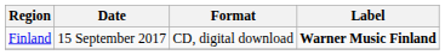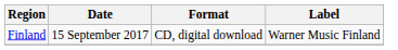 <table class=wikitable>
 <tr>
 <th>Region</th>
 <th>Date</th>
 <th>Format</th>
 <th>Label</th>
 </tr>
 <tr>
 <td><a href='#'>Finland</a></td>
 <td>15 September 2017</td>
 <td>CD, digital download</td>
-<td><strong>Warner Music Finland</strong></td>
+<td>Warner Music Finland</td>
 </tr>
 <tr>
 </tr>
 </table>
